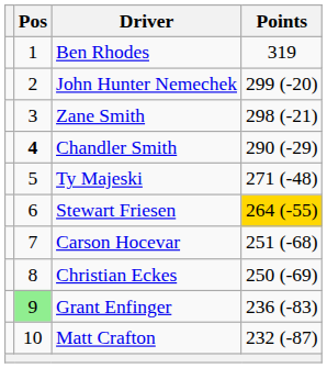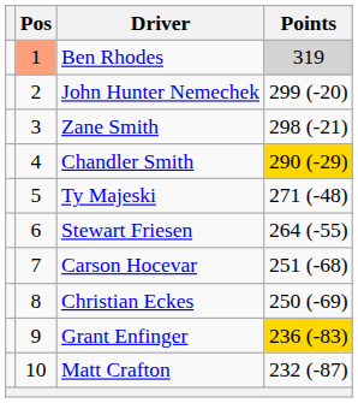 <table class="wikitable" style="font-size: 95%;">
 <tr>
 <th></th>
 <th>Pos</th>
 <th>Driver</th>
 <th>Points</th>
 </tr>
 <tr>
 <td align="left"></td>
-<td style="text-align:center;">1</td>
+<td style="background: lightsalmon; text-align:center;">1</td>
 <td><a href='#'>Ben Rhodes</a></td>
-<td style="text-align:center;">319</td>
+<td style="background: lightgrey; text-align:center;">319</td>
 </tr>
 <tr>
 <td align="left"></td>
 <td style="text-align:center;">2</td>
 <td><a href='#'>John Hunter Nemechek</a></td>
 <td style="text-align:center;">299 (-20)</td>
 </tr>
 <tr>
 <td align="left"></td>
 <td style="text-align:center;">3</td>
 <td><a href='#'>Zane Smith</a></td>
 <td style="text-align:center;">298 (-21)</td>
 </tr>
 <tr>
 <td align="left"></td>
-<td style="text-align:center;"><strong>4</strong></td>
+<td style="text-align:center;">4</td>
 <td><a href='#'>Chandler Smith</a></td>
-<td style="text-align:center;">290 (-29)</td>
+<td style="background: gold; text-align:center;">290 (-29)</td>
 </tr>
 <tr>
 <td align="left"></td>
 <td style="text-align:center;">5</td>
 <td><a href='#'>Ty Majeski</a></td>
 <td style="text-align:center;">271 (-48)</td>
 </tr>
 <tr>
 <td align="left"></td>
 <td style="text-align:center;">6</td>
 <td><a href='#'>Stewart Friesen</a></td>
-<td style="background: gold; text-align:center;">264 (-55)</td>
+<td style="text-align:center;">264 (-55)</td>
 </tr>
 <tr>
 <td align="left"></td>
 <td style="text-align:center;">7</td>
 <td><a href='#'>Carson Hocevar</a></td>
 <td style="text-align:center;">251 (-68)</td>
 </tr>
 <tr>
 <td align="left"></td>
 <td style="text-align:center;">8</td>
 <td><a href='#'>Christian Eckes</a></td>
 <td style="text-align:center;">250 (-69)</td>
 </tr>
 <tr>
 <td align="left"></td>
-<td style="background: lightgreen; text-align:center;">9</td>
+<td style="text-align:center;">9</td>
 <td><a href='#'>Grant Enfinger</a></td>
-<td style="text-align:center;">236 (-83)</td>
+<td style="background: gold; text-align:center;">236 (-83)</td>
 </tr>
 <tr>
 <td align="left"></td>
 <td style="text-align:center;">10</td>
 <td><a href='#'>Matt Crafton</a></td>
 <td style="text-align:center;">232 (-87)</td>
 </tr>
 <tr class="sortbottom">
 <th colspan="9"></th>
 </tr>
 </table>
